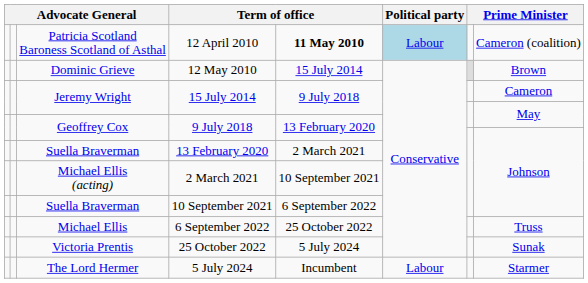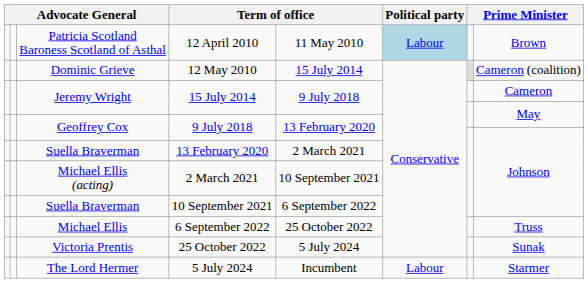 <table class="wikitable" style="text-align:center">
 <tr>
 <th colspan=3>Advocate General</th>
 <th colspan=2>Term of office</th>
 <th>Political party</th>
 <th colspan=2><a href='#'>Prime Minister</a></th>
 </tr>
 <tr style="height:1em">
 <td style="background-color:"></td>
 <td></td>
 <td><a href='#'>Patricia Scotland<br>Baroness Scotland of Asthal</a></td>
 <td>12 April 2010</td>
-<td><strong>11 May 2010</strong></td>
+<td>11 May 2010</td>
 <td style="background: lightblue;"><a href='#'>Labour</a></td>
 <td style="background-color:"></td>
-<td><a href='#'>Cameron</a> (coalition)</td>
+<td><a href='#'>Brown</a></td>
 </tr>
 <tr style="height:1em">
 <td style="background-color:"></td>
 <td></td>
 <td><a href='#'>Dominic Grieve</a><br></td>
 <td>12 May 2010</td>
 <td><a href='#'>15 July 2014</a></td>
 <td rowspan=10><a href='#'>Conservative</a></td>
 <td style="background-color:#DDDDDD"></td>
-<td><a href='#'>Brown</a></td>
+<td><a href='#'>Cameron</a> (coalition)</td>
 </tr>
 <tr style="height:1em">
 <td rowspan=2 style="background-color:"></td>
 <td rowspan=2></td>
 <td rowspan=2><a href='#'>Jeremy Wright</a><br></td>
 <td rowspan=2><a href='#'>15 July 2014</a></td>
 <td rowspan=2><a href='#'>9 July 2018</a></td>
 <td style="background-color:"></td>
 <td><a href='#'>Cameron</a></td>
 </tr>
 <tr style="height:1em">
 <td rowspan=2 style="background-color:"></td>
 <td rowspan=2><a href='#'>May</a></td>
 </tr>
 <tr style="height:1em">
 <td rowspan=2 style="background-color:"></td>
 <td rowspan=2></td>
 <td rowspan=2><a href='#'>Geoffrey Cox</a><br></td>
 <td rowspan=2><a href='#'> 9 July 2018</a></td>
 <td rowspan=2><a href='#'>13 February 2020</a></td>
 </tr>
 <tr style="height:1em">
 <td rowspan=4 style="background-color:"></td>
 <td rowspan=4><a href='#'>Johnson</a></td>
 </tr>
 <tr style="height:1em">
 <td style="background-color:"></td>
 <td></td>
 <td><a href='#'>Suella Braverman</a><br></td>
 <td><a href='#'>13 February 2020</a></td>
 <td>2 March 2021</td>
 </tr>
 <tr style="height:1em">
 <td style="background-color:"></td>
 <td></td>
 <td><a href='#'>Michael Ellis</a><br> <em>(acting)</em></td>
 <td>2 March 2021</td>
 <td>10 September 2021</td>
 </tr>
 <tr style="height:1em">
 <td style="background-color:"></td>
 <td></td>
 <td><a href='#'>Suella Braverman</a><br></td>
 <td>10 September 2021</td>
 <td>6 September 2022</td>
 </tr>
 <tr style="height:1em">
 <td style="background-color:"></td>
 <td></td>
 <td><a href='#'>Michael Ellis</a><br></td>
 <td>6 September 2022</td>
 <td>25 October 2022</td>
 <td style="background-color:"></td>
 <td><a href='#'>Truss</a></td>
 </tr>
 <tr style="height:1em">
 <td style="background-color:"></td>
 <td></td>
 <td><a href='#'>Victoria Prentis</a><br></td>
 <td>25 October 2022</td>
 <td>5 July 2024</td>
 <td style="background-color:"></td>
 <td><a href='#'>Sunak</a></td>
 </tr>
 <tr style="height:1em">
 <td style="background-color:"></td>
 <td></td>
 <td><a href='#'>The Lord Hermer</a></td>
 <td>5 July 2024</td>
 <td>Incumbent</td>
 <td rowspan=1><a href='#'>Labour</a></td>
 <td style="background-color:"></td>
 <td><a href='#'>Starmer</a></td>
 </tr>
 </table>
